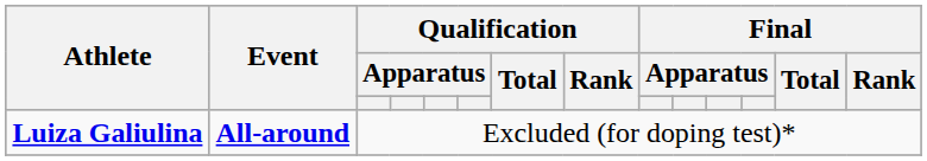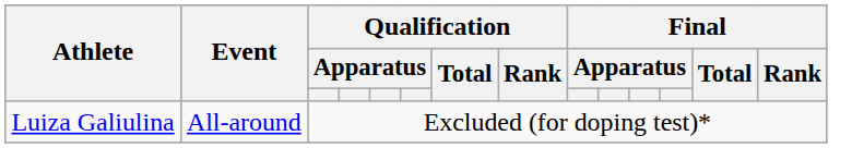 <table class="wikitable" style="font-size:90%">
 <tr>
 <th rowspan=3>Athlete</th>
 <th rowspan=3>Event</th>
 <th colspan =6>Qualification</th>
 <th colspan =6>Final</th>
 </tr>
 <tr style="font-size:95%">
 <th colspan=4>Apparatus</th>
 <th rowspan=2>Total</th>
 <th rowspan=2>Rank</th>
 <th colspan=4>Apparatus</th>
 <th rowspan=2>Total</th>
 <th rowspan=2>Rank</th>
 </tr>
 <tr style="font-size:95%">
 <th></th>
 <th></th>
 <th></th>
 <th></th>
 <th></th>
 <th></th>
 <th></th>
 <th></th>
 </tr>
 <tr align=center>
-<td align=left><strong><a href='#'>Luiza Galiulina</a></strong></td>
-<td align=left><strong><a href='#'>All-around</a></strong></td>
+<td align=left><a href='#'>Luiza Galiulina</a></td>
+<td align=left><a href='#'>All-around</a></td>
 <td colspan=12>Excluded (for doping test)*</td>
 </tr>
 </table>
